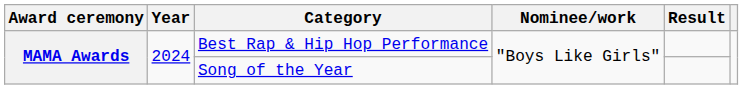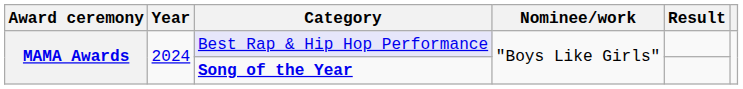 <table class="wikitable plainrowheaders">
 <tr>
 <th scope="col">Award ceremony</th>
 <th scope="col">Year</th>
 <th scope="col">Category</th>
 <th scope="col">Nominee/work</th>
 <th scope="col">Result</th>
 <th scope="col" class="unsortable"></th>
 </tr>
 <tr>
 <th scope="row" rowspan="2"><a href='#'>MAMA Awards</a></th>
 <td style="text-align:center" rowspan="2"><a href='#'>2024</a></td>
-<td><a href='#'>Best Rap & Hip Hop Performance</a></td>
+<td style="background: lavender;"><a href='#'>Best Rap & Hip Hop Performance</a></td>
 <td rowspan="2">"Boys Like Girls"<br></td>
 <td></td>
 <td style="text-align:center" rowspan="2"></td>
 </tr>
 <tr>
-<td><a href='#'>Song of the Year</a></td>
+<td><strong><a href='#'>Song of the Year</a></strong></td>
 <td></td>
 </tr>
 </table>
